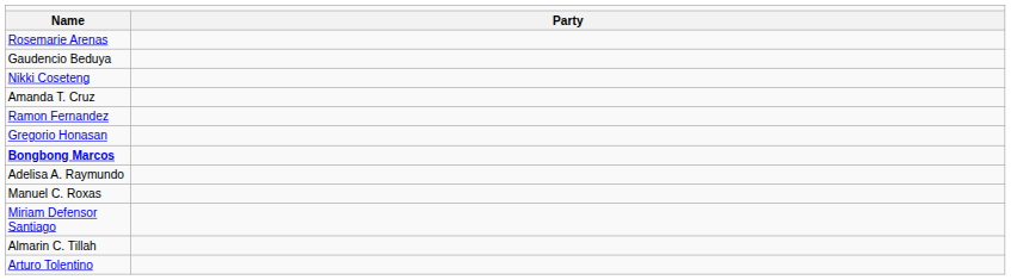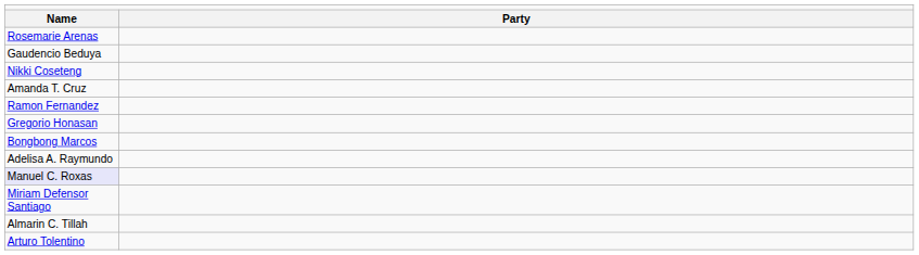 <table class=wikitable style="font-size:95%" width=99%>
 <tr>
 <td colspan=4 bgcolor=></td>
 </tr>
 <tr>
 <th width=150px>Name</th>
 <th colspan=2 width=110px>Party</th>
 </tr>
 <tr>
 <td><a href='#'>Rosemarie Arenas</a></td>
 <td></td>
 </tr>
 <tr>
 <td>Gaudencio Beduya</td>
 <td></td>
 </tr>
 <tr>
 <td><a href='#'>Nikki Coseteng</a></td>
 <td></td>
 </tr>
 <tr>
 <td>Amanda T. Cruz</td>
 <td></td>
 </tr>
 <tr>
 <td><a href='#'>Ramon Fernandez</a></td>
 <td></td>
 </tr>
 <tr>
 <td><a href='#'>Gregorio Honasan</a></td>
 <td></td>
 </tr>
 <tr>
-<td><strong><a href='#'>Bongbong Marcos</a></strong></td>
+<td><a href='#'>Bongbong Marcos</a></td>
 <td></td>
 </tr>
 <tr>
 <td>Adelisa A. Raymundo</td>
 <td></td>
 </tr>
 <tr>
-<td>Manuel C. Roxas</td>
+<td style="background: lavender;">Manuel C. Roxas</td>
 <td></td>
 </tr>
 <tr>
 <td><a href='#'>Miriam Defensor Santiago</a></td>
 <td></td>
 </tr>
 <tr>
 <td>Almarin C. Tillah</td>
 <td></td>
 </tr>
 <tr>
 <td><a href='#'>Arturo Tolentino</a></td>
 <td></td>
 </tr>
 </table>
